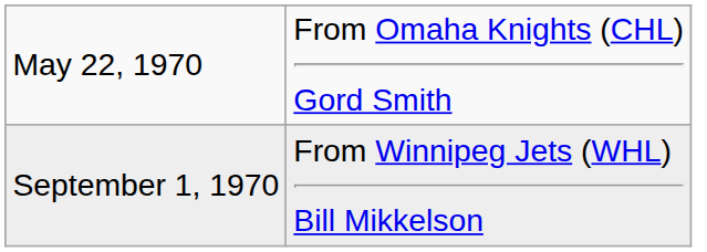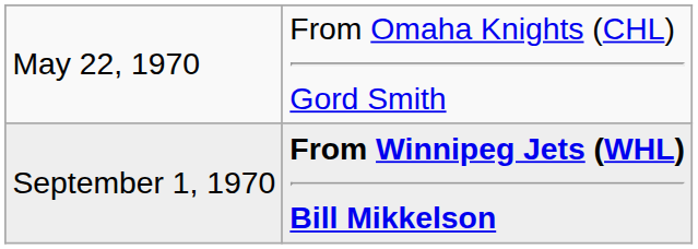 <table class="wikitable">
 <tr>
 <td>May 22, 1970</td>
 <td valign="top">From <a href='#'>Omaha Knights</a> (<a href='#'>CHL</a>)<hr><a href='#'>Gord Smith</a></td>
 </tr>
 <tr style="background:#eee;">
 <td>September 1, 1970</td>
-<td valign="top">From <a href='#'>Winnipeg Jets</a> (<a href='#'>WHL</a>)<hr><a href='#'>Bill Mikkelson</a></td>
+<td valign="top"><strong>From <a href='#'>Winnipeg Jets</a> (<a href='#'>WHL</a>)<hr><a href='#'>Bill Mikkelson</a></strong></td>
 </tr>
 </table>
